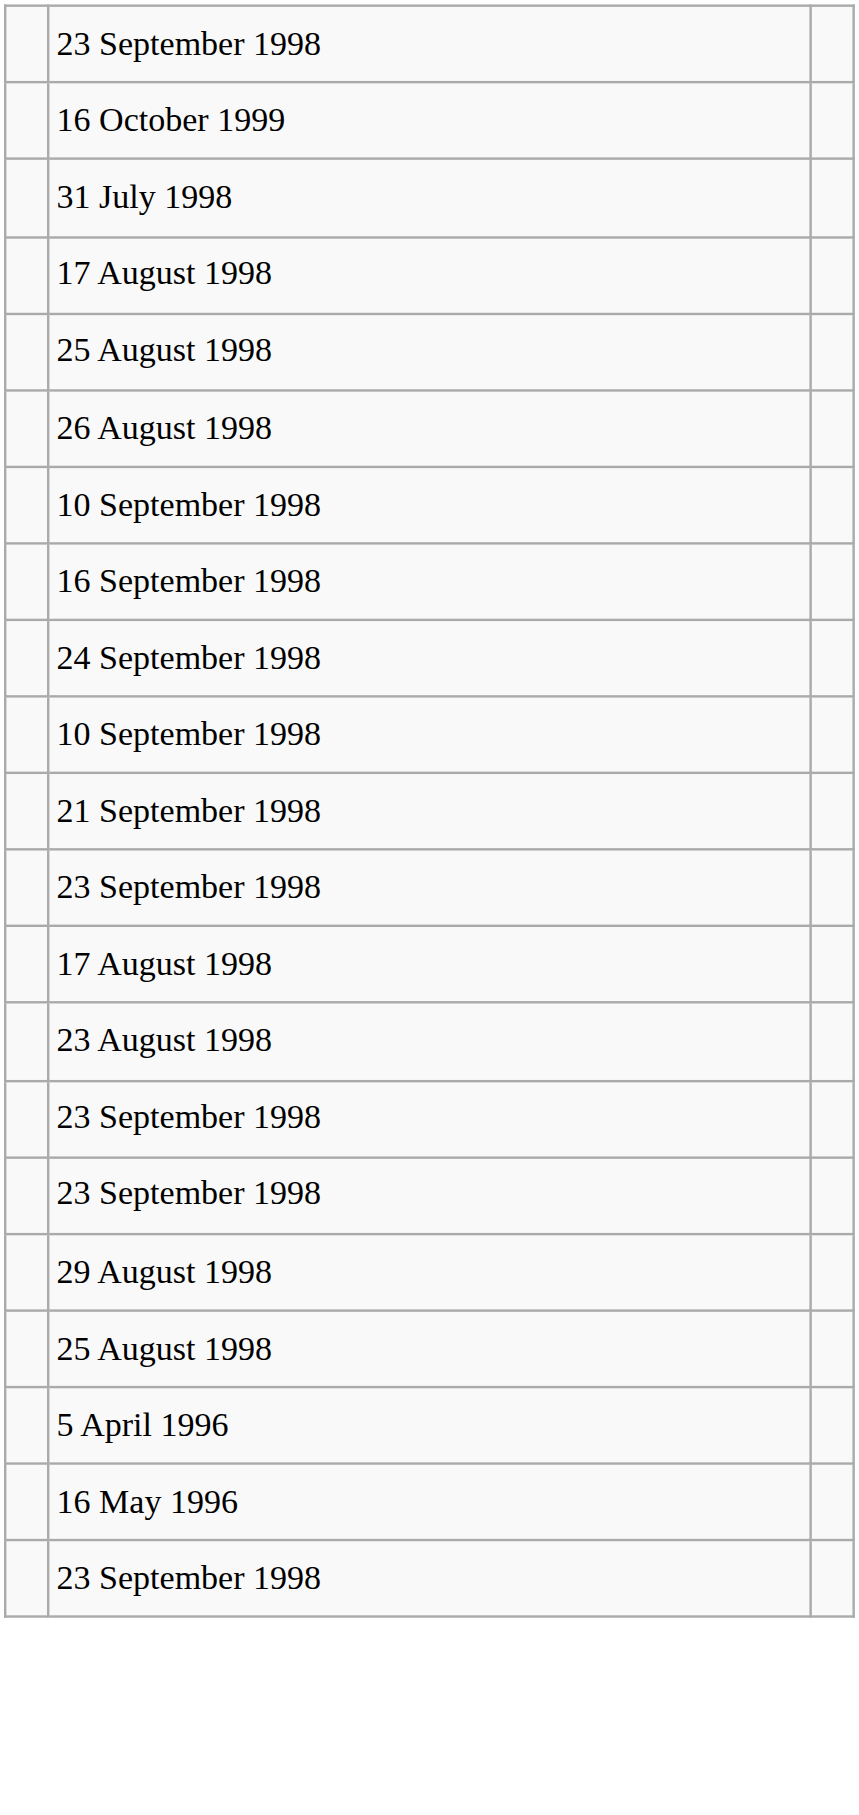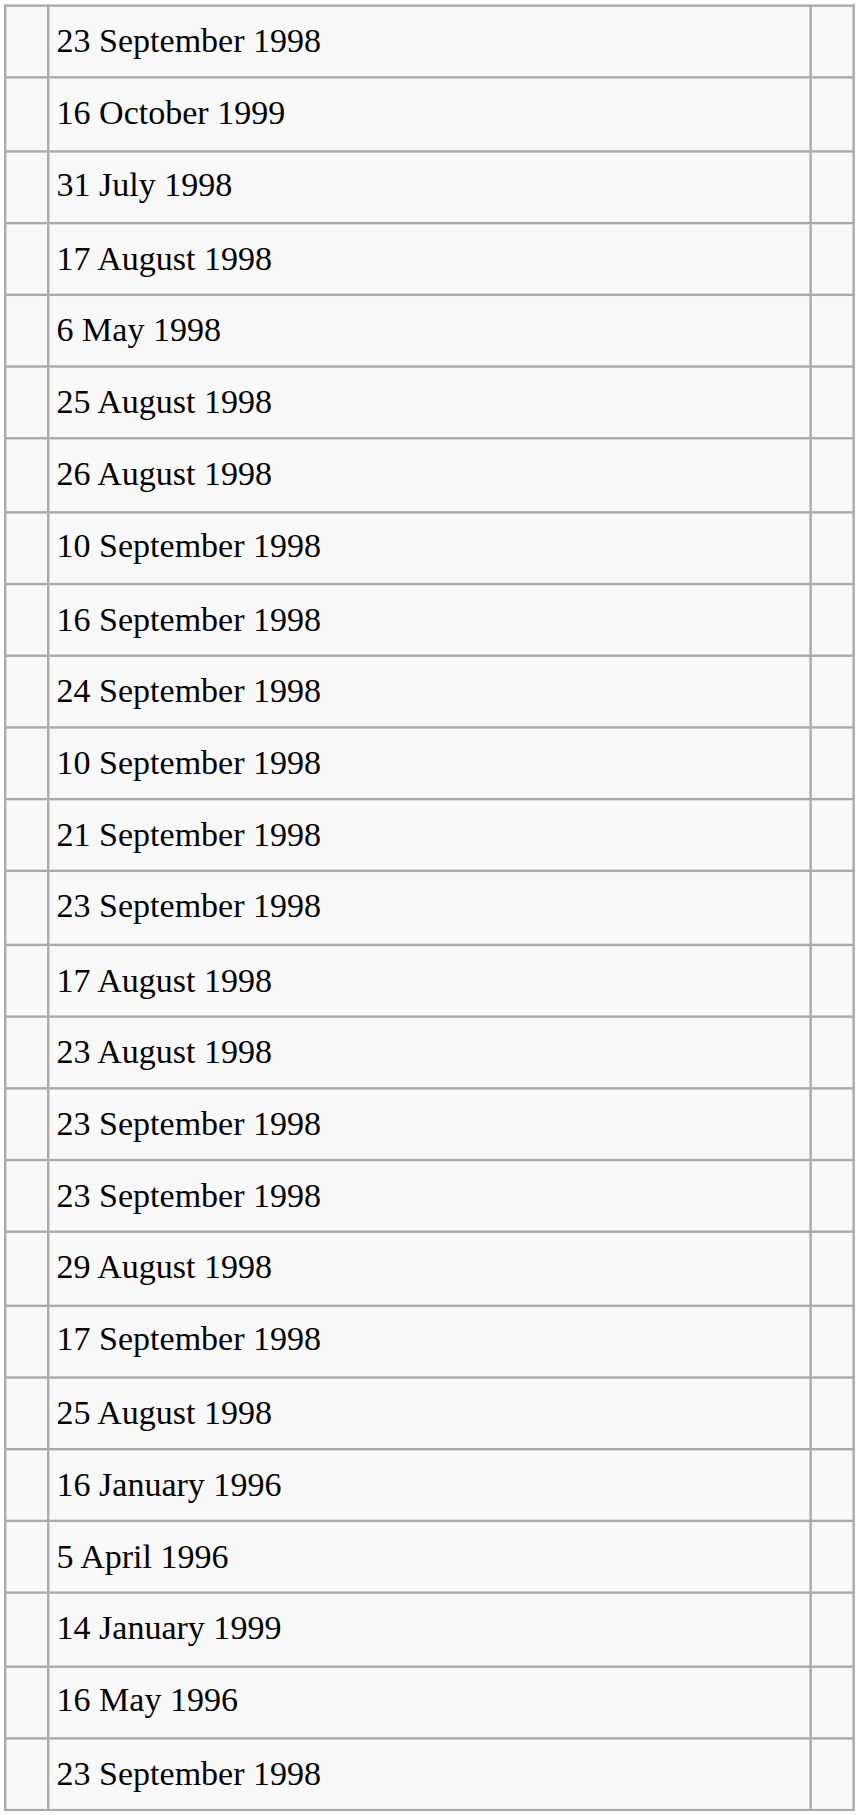 <table class="wikitable" style="font-size: 89%; float: left; width: 25em; margin-right: 1em; line-height: 1.65em !important; height: 675px;">
 <tr>
 <td></td>
 <td>23 September 1998</td>
 <td></td>
 </tr>
 <tr>
 <td></td>
 <td>16 October 1999</td>
 <td></td>
 </tr>
 <tr>
 <td></td>
 <td>31 July 1998</td>
 <td></td>
 </tr>
 <tr>
 <td></td>
 <td>17 August 1998</td>
+<td></td>
+</tr>
+<tr>
+<td></td>
+<td>6 May 1998</td>
 <td></td>
 </tr>
 <tr>
 <td></td>
 <td>25 August 1998</td>
 <td></td>
 </tr>
 <tr>
 <td></td>
 <td>26 August 1998</td>
 <td></td>
 </tr>
 <tr>
 <td></td>
 <td>10 September 1998</td>
 <td></td>
 </tr>
 <tr>
 <td></td>
 <td>16 September 1998</td>
 <td></td>
 </tr>
 <tr>
 <td></td>
 <td>24 September 1998</td>
 <td></td>
 </tr>
 <tr>
 <td></td>
 <td>10 September 1998</td>
 <td></td>
 </tr>
 <tr>
 <td></td>
 <td>21 September 1998</td>
 <td></td>
 </tr>
 <tr>
 <td></td>
 <td>23 September 1998</td>
 <td></td>
 </tr>
 <tr>
 <td></td>
 <td>17 August 1998</td>
 <td></td>
 </tr>
 <tr>
 <td></td>
 <td>23 August 1998</td>
 <td></td>
 </tr>
 <tr>
 <td></td>
 <td>23 September 1998</td>
 <td></td>
 </tr>
 <tr>
 <td></td>
 <td>23 September 1998</td>
 <td></td>
 </tr>
 <tr>
 <td></td>
 <td>29 August 1998</td>
 <td></td>
 </tr>
 <tr>
 <td></td>
+<td>17 September 1998</td>
+<td></td>
+</tr>
+<tr>
+<td></td>
 <td>25 August 1998</td>
 <td></td>
 </tr>
 <tr>
 <td></td>
+<td>16 January 1996</td>
+<td></td>
+</tr>
+<tr>
+<td></td>
 <td>5 April 1996</td>
+<td></td>
+</tr>
+<tr>
+<td></td>
+<td>14 January 1999</td>
 <td></td>
 </tr>
 <tr>
 <td></td>
 <td>16 May 1996</td>
 <td></td>
 </tr>
 <tr>
 <td></td>
 <td>23 September 1998</td>
 <td></td>
 </tr>
 </table>
